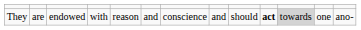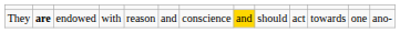 <table class=wikitable>
 <tr align=center>
 <td></td>
 <td></td>
 <td></td>
 <td></td>
 <td></td>
 <td></td>
 <td></td>
 <td></td>
 <td></td>
 <td></td>
 <td></td>
 <td></td>
 <td></td>
 </tr>
 <tr align=center>
 <td>They</td>
-<td>are</td>
+<td><strong>are</strong></td>
 <td>endowed</td>
 <td>with</td>
 <td>reason</td>
 <td>and</td>
 <td>conscience</td>
-<td>and</td>
+<td style="background: gold;">and</td>
 <td>should</td>
-<td><strong>act</strong></td>
-<td style="background: lightgrey;">towards</td>
+<td>act</td>
+<td>towards</td>
 <td>one</td>
 <td>ano-</td>
 </tr>
 </table>
